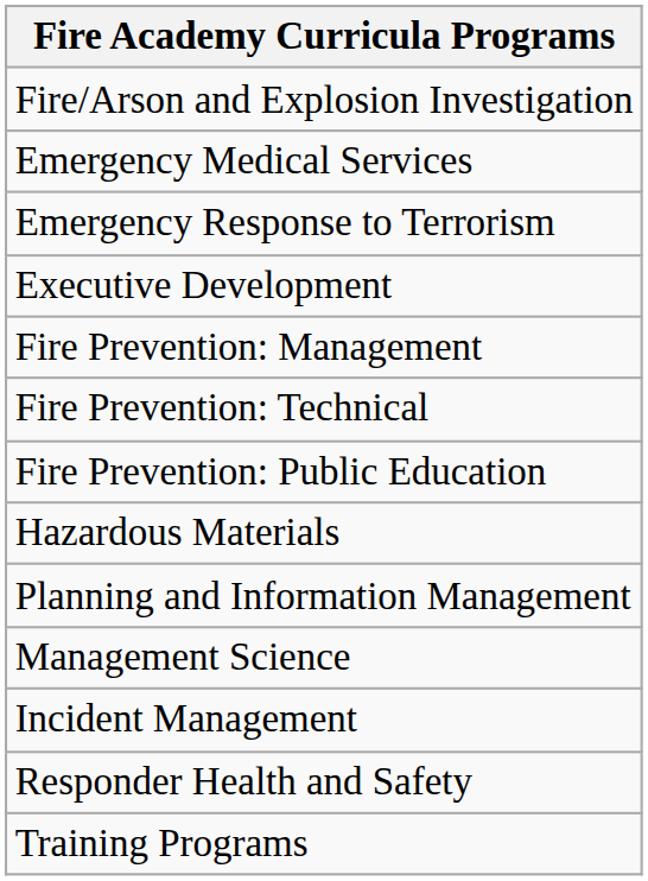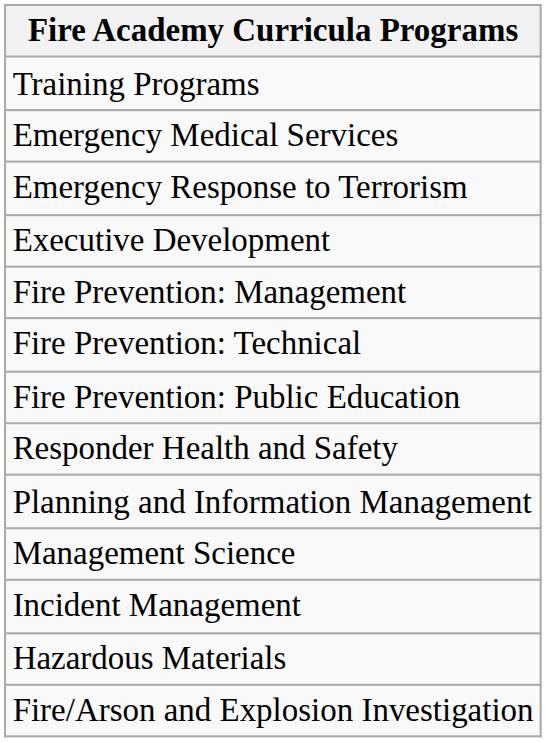 <table class="wikitable">
 <tr>
 <th>Fire Academy Curricula Programs</th>
 </tr>
 <tr>
-<td>Fire/Arson and Explosion Investigation</td>
+<td>Training Programs</td>
 </tr>
 <tr>
 <td>Emergency Medical Services</td>
 </tr>
 <tr>
 <td>Emergency Response to Terrorism</td>
 </tr>
 <tr>
 <td>Executive Development</td>
 </tr>
 <tr>
 <td>Fire Prevention: Management</td>
 </tr>
 <tr>
 <td>Fire Prevention: Technical</td>
 </tr>
 <tr>
 <td>Fire Prevention: Public Education</td>
 </tr>
 <tr>
-<td>Hazardous Materials</td>
+<td>Responder Health and Safety</td>
 </tr>
 <tr>
 <td>Planning and Information Management</td>
 </tr>
 <tr>
 <td>Management Science</td>
 </tr>
 <tr>
 <td>Incident Management</td>
 </tr>
 <tr>
-<td>Responder Health and Safety</td>
+<td>Hazardous Materials</td>
 </tr>
 <tr>
-<td>Training Programs</td>
+<td>Fire/Arson and Explosion Investigation</td>
 </tr>
 </table>
